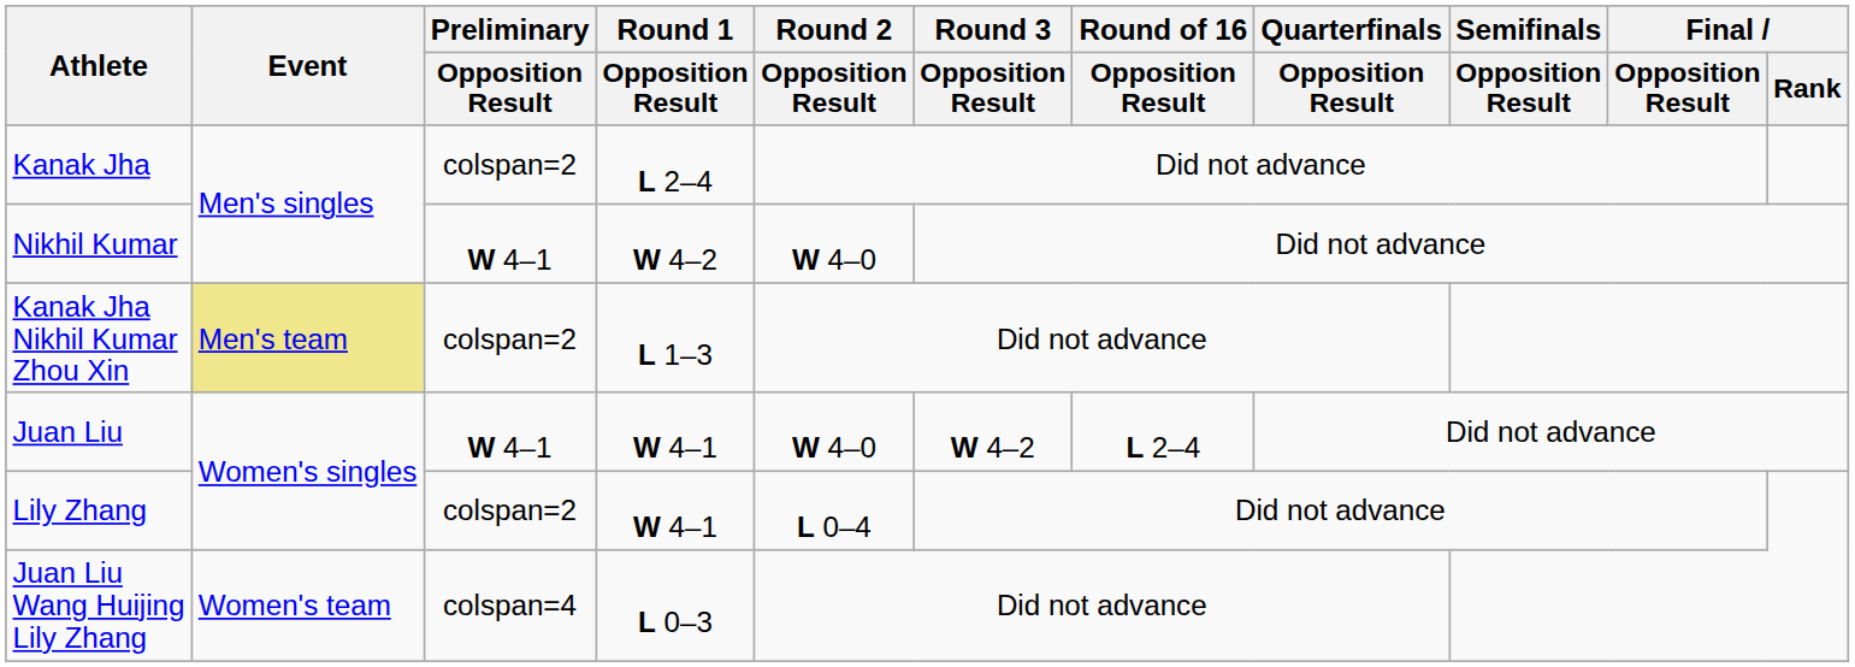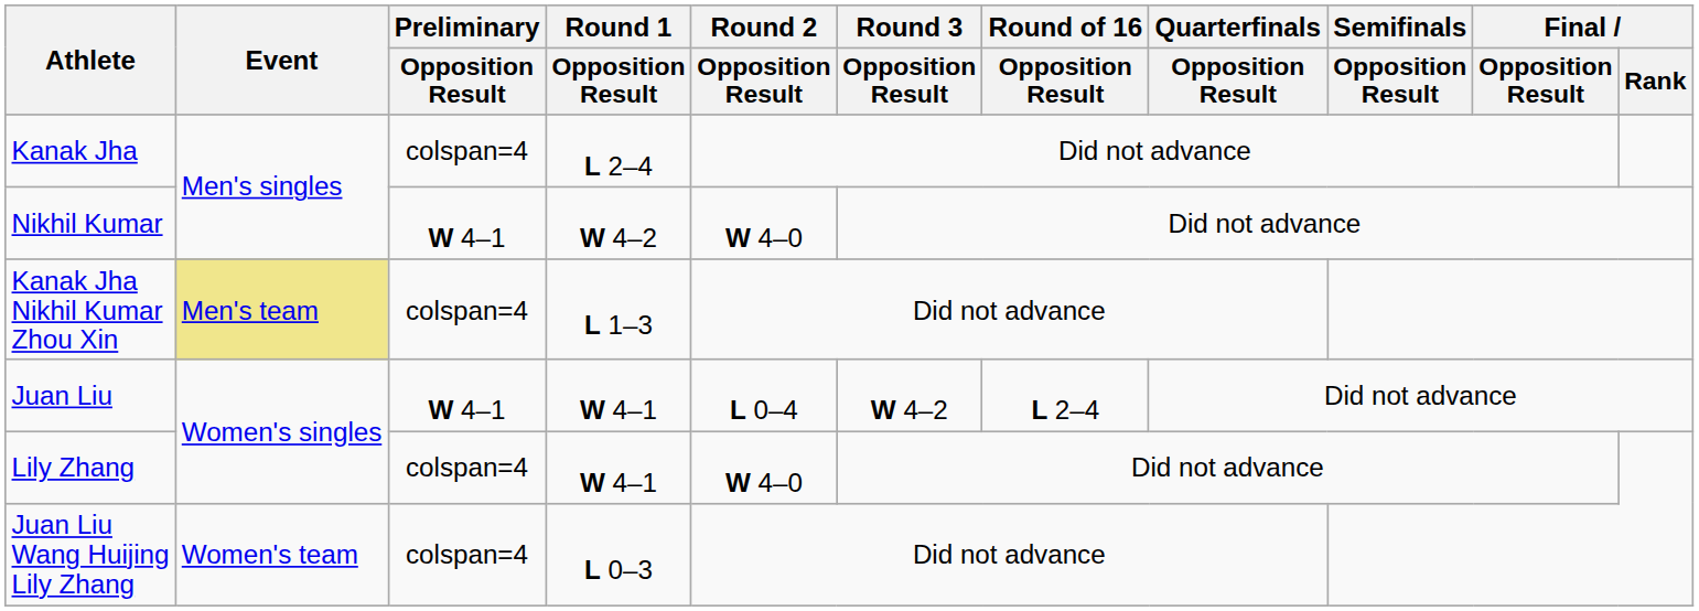 <table class=wikitable style="font-size:90%; text-align:center">
 <tr>
 <th rowspan=2>Athlete</th>
 <th rowspan=2>Event</th>
 <th>Preliminary</th>
 <th>Round 1</th>
 <th>Round 2</th>
 <th>Round 3</th>
 <th>Round of 16</th>
 <th>Quarterfinals</th>
 <th>Semifinals</th>
 <th colspan=2>Final / </th>
 </tr>
 <tr style=font-size:95%>
 <th>Opposition<br>Result</th>
 <th>Opposition<br>Result</th>
 <th>Opposition<br>Result</th>
 <th>Opposition<br>Result</th>
 <th>Opposition<br>Result</th>
 <th>Opposition<br>Result</th>
 <th>Opposition<br>Result</th>
 <th>Opposition<br>Result</th>
 <th>Rank</th>
 </tr>
 <tr>
 <td align=left><a href='#'>Kanak Jha</a></td>
 <td align=left rowspan=2><a href='#'>Men's singles</a></td>
-<td>colspan=2 </td>
+<td>colspan=4 </td>
 <td><br><strong>L</strong> 2–4</td>
 <td colspan=6>Did not advance</td>
 </tr>
 <tr>
 <td align=left><a href='#'>Nikhil Kumar</a></td>
 <td><br><strong>W</strong> 4–1</td>
 <td><br><strong>W</strong> 4–2</td>
 <td><br><strong>W</strong> 4–0</td>
 <td colspan=6>Did not advance</td>
 </tr>
 <tr>
 <td align=left><a href='#'>Kanak Jha</a><br><a href='#'>Nikhil Kumar</a><br><a href='#'>Zhou Xin</a></td>
 <td align=left style="background: khaki;"><a href='#'>Men's team</a></td>
-<td>colspan=2 </td>
+<td>colspan=4 </td>
 <td><br><strong>L</strong> 1–3</td>
 <td colspan=4>Did not advance</td>
 </tr>
 <tr>
 <td align=left><a href='#'>Juan Liu</a></td>
 <td align=left rowspan=2><a href='#'>Women's singles</a></td>
 <td><br><strong>W</strong> 4–1</td>
 <td><br><strong>W</strong> 4–1</td>
-<td><br><strong>W</strong> 4–0</td>
+<td><br><strong>L</strong> 0–4</td>
 <td><br><strong>W</strong> 4–2</td>
 <td><br><strong>L</strong> 2–4</td>
 <td colspan=4>Did not advance</td>
 </tr>
 <tr>
 <td align=left><a href='#'>Lily Zhang</a></td>
-<td>colspan=2 </td>
+<td>colspan=4 </td>
 <td><br><strong>W</strong> 4–1</td>
-<td><br><strong>L</strong> 0–4</td>
+<td><br><strong>W</strong> 4–0</td>
 <td colspan=5>Did not advance</td>
 </tr>
 <tr>
 <td align=left><a href='#'>Juan Liu</a><br><a href='#'>Wang Huijing</a><br><a href='#'>Lily Zhang</a></td>
 <td align=left><a href='#'>Women's team</a></td>
 <td>colspan=4 </td>
 <td><br><strong>L</strong> 0–3</td>
 <td colspan=4>Did not advance</td>
 </tr>
 </table>
